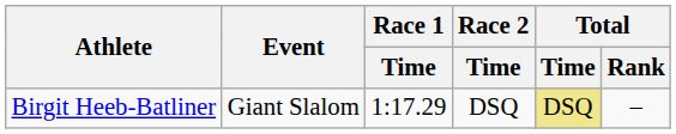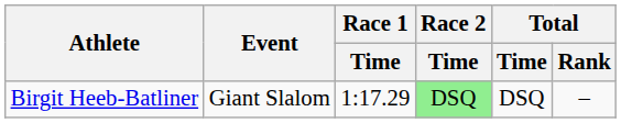 <table class="wikitable" style="font-size:90%">
 <tr>
 <th rowspan="2">Athlete</th>
 <th rowspan="2">Event</th>
 <th>Race 1</th>
 <th>Race 2</th>
 <th colspan="2">Total</th>
 </tr>
 <tr>
 <th>Time</th>
 <th>Time</th>
 <th>Time</th>
 <th>Rank</th>
 </tr>
 <tr>
 <td><a href='#'>Birgit Heeb-Batliner</a></td>
 <td rowspan="4">Giant Slalom</td>
 <td align="center">1:17.29</td>
+<td align="center" style="background: lightgreen;">DSQ</td>
 <td align="center">DSQ</td>
-<td align="center" style="background: khaki;">DSQ</td>
 <td align="center">–</td>
 </tr>
 </table>
